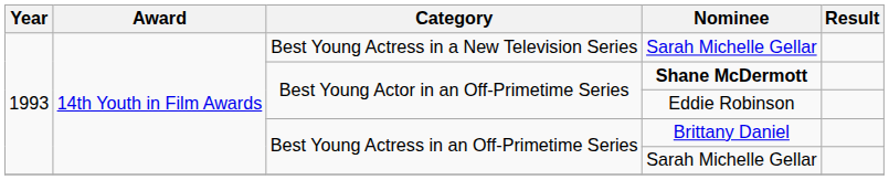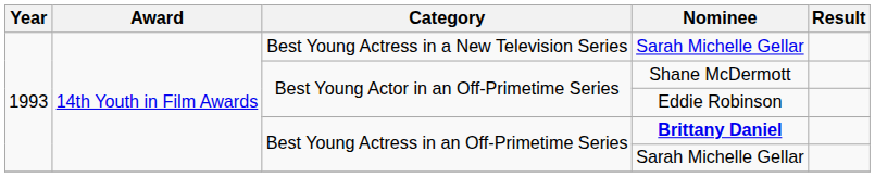 <table class="wikitable sortable plainrowheaders" style="text-align:center;">
 <tr>
 <th>Year</th>
 <th>Award</th>
 <th>Category</th>
 <th>Nominee</th>
 <th>Result</th>
 </tr>
 <tr>
 <td rowspan="5">1993</td>
 <td rowspan="5"><a href='#'>14th Youth in Film Awards</a></td>
 <td>Best Young Actress in a New Television Series</td>
 <td><a href='#'>Sarah Michelle Gellar</a></td>
 <td></td>
 </tr>
 <tr>
 <td rowspan="2">Best Young Actor in an Off-Primetime Series</td>
-<td><strong>Shane McDermott</strong></td>
+<td>Shane McDermott</td>
 <td></td>
 </tr>
 <tr>
 <td>Eddie Robinson</td>
 <td></td>
 </tr>
 <tr>
 <td rowspan="2">Best Young Actress in an Off-Primetime Series</td>
-<td><a href='#'>Brittany Daniel</a></td>
+<td><strong><a href='#'>Brittany Daniel</a></strong></td>
 <td></td>
 </tr>
 <tr>
 <td>Sarah Michelle Gellar</td>
 <td></td>
 </tr>
 <tr>
 </tr>
 </table>
